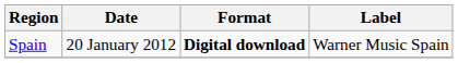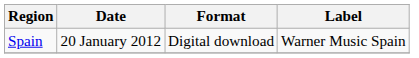 <table class=wikitable>
 <tr>
 <th>Region</th>
 <th>Date</th>
 <th>Format</th>
 <th>Label</th>
 </tr>
 <tr>
 <td><a href='#'>Spain</a></td>
 <td>20 January 2012</td>
-<td><strong>Digital download</strong></td>
+<td>Digital download</td>
 <td>Warner Music Spain</td>
 </tr>
 <tr>
 </tr>
 </table>
